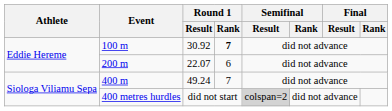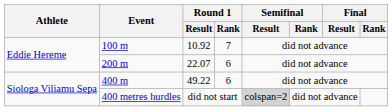 <table class=wikitable style="font-size:90%">
 <tr>
 <th rowspan="2">Athlete</th>
 <th rowspan="2">Event</th>
 <th colspan="2">Round 1</th>
 <th colspan="2">Semifinal</th>
 <th colspan="2">Final</th>
 </tr>
 <tr style="font-size:95%">
 <th>Result</th>
 <th>Rank</th>
 <th>Result</th>
 <th>Rank</th>
 <th>Result</th>
 <th>Rank</th>
 </tr>
 <tr align=center>
 <td align=left rowspan=2><a href='#'>Eddie Hereme</a></td>
 <td align=left><a href='#'>100 m</a></td>
-<td>30.92</td>
-<td><strong>7</strong></td>
+<td>10.92</td>
+<td>7</td>
 <td colspan="4">did not advance</td>
 </tr>
 <tr align=center>
 <td align=left><a href='#'>200 m</a></td>
 <td>22.07</td>
 <td>6</td>
 <td colspan="4">did not advance</td>
 </tr>
 <tr align=center>
 <td align=left rowspan=2><a href='#'>Siologa Viliamu Sepa</a></td>
 <td align=left><a href='#'>400 m</a></td>
-<td>49.24</td>
-<td>7</td>
+<td>49.22</td>
+<td>6</td>
 <td colspan="4">did not advance</td>
 </tr>
 <tr align=center>
 <td align=left><a href='#'>400 metres hurdles</a></td>
 <td colspan="2">did not start</td>
 <td style="background: lightgrey;">colspan=2 </td>
 <td colspan="2">did not advance</td>
 </tr>
 </table>
